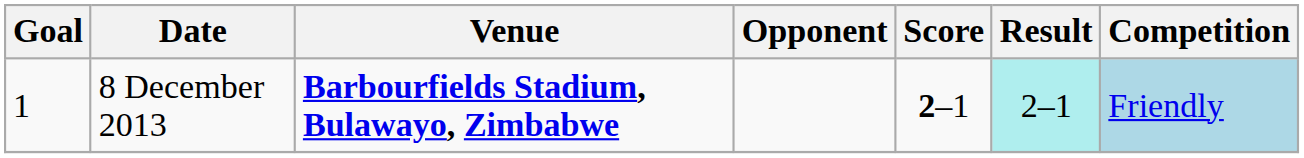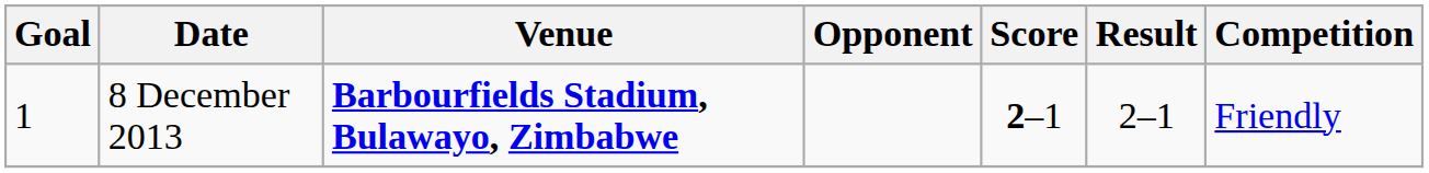 <table class="wikitable plainrowheaders sortable">
 <tr>
 <th>Goal</th>
 <th>Date</th>
 <th>Venue</th>
 <th>Opponent</th>
 <th>Score</th>
 <th>Result</th>
 <th>Competition</th>
 </tr>
 <tr>
 <td>1</td>
 <td>8 December 2013</td>
 <td><strong><a href='#'>Barbourfields Stadium</a>, <a href='#'>Bulawayo</a>, <a href='#'>Zimbabwe</a></strong></td>
 <td></td>
 <td align=center><strong>2</strong>–1</td>
-<td align=center style="background: paleturquoise;">2–1</td>
-<td style="background: lightblue;"><a href='#'>Friendly</a></td>
+<td align=center>2–1</td>
+<td><a href='#'>Friendly</a></td>
 </tr>
 <tr>
 </tr>
 </table>
